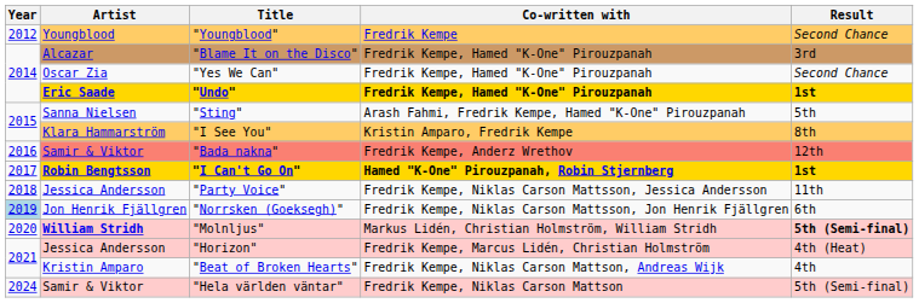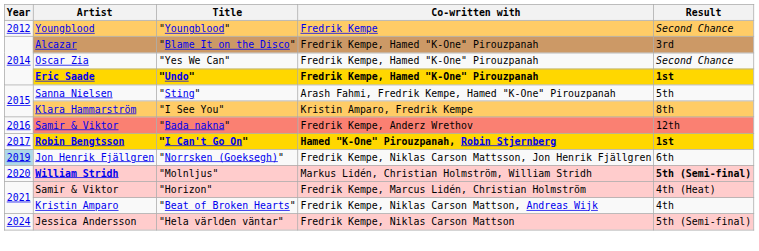 <table class="wikitable plainrowheaders">
 <tr>
 <th scope="col">Year</th>
 <th scope="col">Artist</th>
 <th scope="col">Title</th>
 <th scope="col">Co-written with</th>
 <th scope="col">Result</th>
 </tr>
 <tr>
 <td><a href='#'>2012</a></td>
 <td bgcolor="#ffcc66"><a href='#'>Youngblood</a></td>
 <td bgcolor="#ffcc66">"<a href='#'>Youngblood</a>"</td>
 <td bgcolor="#ffcc66"><a href='#'>Fredrik Kempe</a></td>
 <td bgcolor="#ffcc66"><em>Second Chance</em></td>
 </tr>
 <tr>
 <td rowspan="3"><a href='#'>2014</a></td>
 <td bgcolor="#cc9966"><a href='#'>Alcazar</a></td>
 <td bgcolor="#cc9966">"<a href='#'>Blame It on the Disco</a>"</td>
 <td bgcolor="#cc9966">Fredrik Kempe, Hamed "K-One" Pirouzpanah</td>
 <td bgcolor="#cc9966">3rd</td>
 </tr>
 <tr>
 <td><a href='#'>Oscar Zia</a></td>
 <td>"Yes We Can"</td>
 <td>Fredrik Kempe, Hamed "K-One" Pirouzpanah</td>
 <td><em>Second Chance</em></td>
 </tr>
 <tr bgcolor="gold" style="font-weight:bold;">
 <td><a href='#'>Eric Saade</a></td>
 <td>"<a href='#'>Undo</a>"</td>
 <td>Fredrik Kempe, Hamed "K-One" Pirouzpanah</td>
 <td>1st</td>
 </tr>
 <tr>
 <td rowspan="2"><a href='#'>2015</a></td>
 <td><a href='#'>Sanna Nielsen</a></td>
 <td>"<a href='#'>Sting</a>"</td>
 <td>Arash Fahmi, Fredrik Kempe, Hamed "K-One" Pirouzpanah</td>
 <td>5th</td>
 </tr>
 <tr bgcolor="#ffcc66">
 <td><a href='#'>Klara Hammarström</a></td>
 <td>"I See You"</td>
 <td>Kristin Amparo, Fredrik Kempe</td>
 <td>8th</td>
 </tr>
 <tr>
 <td><a href='#'>2016</a></td>
 <td bgcolor="salmon"><a href='#'>Samir & Viktor</a></td>
 <td bgcolor="salmon">"<a href='#'>Bada nakna</a>"</td>
 <td bgcolor="salmon">Fredrik Kempe, Anderz Wrethov</td>
 <td bgcolor="salmon">12th</td>
 </tr>
 <tr>
 <td><a href='#'>2017</a></td>
 <td bgcolor="gold" style="font-weight:bold;"><a href='#'>Robin Bengtsson</a></td>
 <td bgcolor="gold" style="font-weight:bold;">"<a href='#'>I Can't Go On</a>"</td>
 <td bgcolor="gold" style="font-weight:bold;">Hamed "K-One" Pirouzpanah, <a href='#'>Robin Stjernberg</a></td>
 <td bgcolor="gold" style="font-weight:bold;">1st</td>
 </tr>
 <tr>
-<td><a href='#'>2018</a></td>
-<td><a href='#'>Jessica Andersson</a></td>
-<td>"<a href='#'>Party Voice</a>"</td>
-<td>Fredrik Kempe, Niklas Carson Mattsson, Jessica Andersson</td>
-<td>11th</td>
-</tr>
-<tr>
 <td style="background: lightblue;"><a href='#'>2019</a></td>
 <td><a href='#'>Jon Henrik Fjällgren</a></td>
 <td>"<a href='#'>Norrsken (Goeksegh)</a>"</td>
 <td>Fredrik Kempe, Niklas Carson Mattsson, Jon Henrik Fjällgren</td>
 <td>6th</td>
 </tr>
 <tr>
 <td><a href='#'>2020</a></td>
 <td bgcolor="#ffcccc"><strong><a href='#'>William Stridh</a></strong></td>
 <td bgcolor="#ffcccc">"Molnljus"</td>
 <td bgcolor="#ffcccc">Markus Lidén, Christian Holmström, William Stridh</td>
 <td bgcolor="#ffcccc"><strong>5th (Semi-final)</strong></td>
 </tr>
 <tr>
 <td rowspan="2"><a href='#'>2021</a></td>
-<td bgcolor="#ffcccc">Jessica Andersson</td>
+<td bgcolor="#ffcccc">Samir & Viktor</td>
 <td bgcolor="#ffcccc">"Horizon"</td>
 <td bgcolor="#ffcccc">Fredrik Kempe, Marcus Lidén, Christian Holmström</td>
 <td bgcolor="#ffcccc">4th (Heat)</td>
 </tr>
 <tr>
 <td><a href='#'>Kristin Amparo</a></td>
 <td>"<a href='#'>Beat of Broken Hearts</a>"</td>
 <td>Fredrik Kempe, Niklas Carson Mattson, <a href='#'>Andreas Wijk</a></td>
 <td>4th</td>
 </tr>
 <tr>
 <td><a href='#'>2024</a></td>
-<td bgcolor="#ffcccc">Samir & Viktor</td>
+<td bgcolor="#ffcccc">Jessica Andersson</td>
 <td bgcolor="#ffcccc">"Hela världen väntar"</td>
 <td bgcolor="#ffcccc">Fredrik Kempe, Niklas Carson Mattson</td>
 <td bgcolor="#ffcccc">5th (Semi-final)</td>
 </tr>
 </table>
